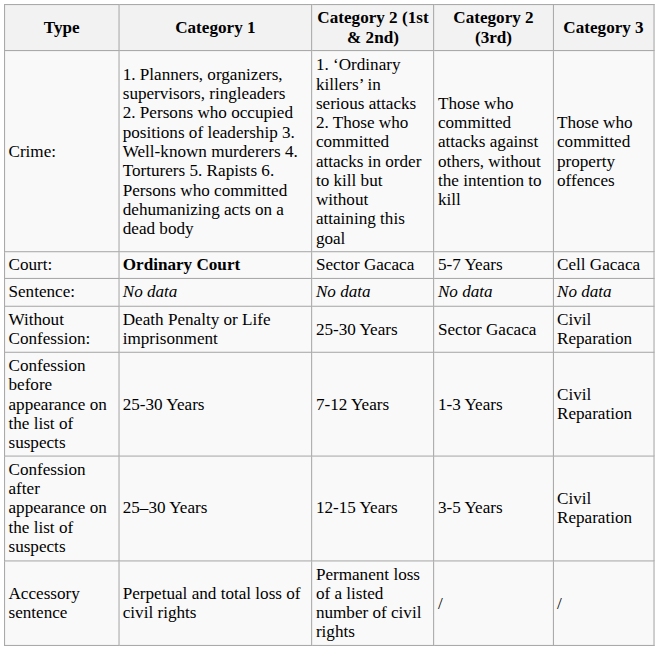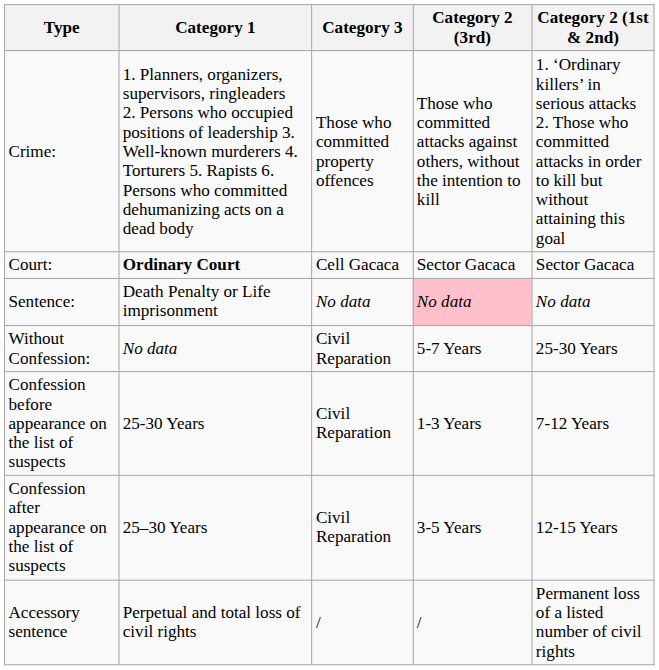 <table class="wikitable">
 <tr>
 <th>Type</th>
 <th>Category 1</th>
+<th>Category 3</th>
+<th>Category 2 (3rd)</th>
 <th>Category 2 (1st & 2nd)</th>
-<th>Category 2 (3rd)</th>
-<th>Category 3</th>
 </tr>
 <tr>
 <td>Crime:</td>
 <td>1. Planners, organizers, supervisors, ringleaders<br>2. Persons who occupied positions of leadership 3. Well-known murderers 4. Torturers 5. Rapists 6. Persons who committed dehumanizing acts on a dead body</td>
+<td>Those who committed property offences</td>
+<td>Those who committed attacks against others, without the intention to kill</td>
 <td>1. ‘Ordinary killers’ in serious attacks<br>2. Those who committed attacks in order to kill but without attaining this goal</td>
-<td>Those who committed attacks against others, without the intention to kill</td>
-<td>Those who committed property offences</td>
 </tr>
 <tr>
 <td>Court:</td>
 <td><strong>Ordinary Court</strong></td>
+<td>Cell Gacaca</td>
 <td>Sector Gacaca</td>
-<td>5-7 Years</td>
-<td>Cell Gacaca</td>
+<td>Sector Gacaca</td>
 </tr>
 <tr>
 <td>Sentence:</td>
+<td>Death Penalty or Life imprisonment</td>
 <td><em>No data</em> </td>
-<td><em>No data</em> </td>
-<td><em>No data</em> </td>
+<td style="background: pink;"><em>No data</em> </td>
 <td><em>No data</em> </td>
 </tr>
 <tr>
 <td>Without Confession:</td>
-<td>Death Penalty or Life imprisonment</td>
+<td><em>No data</em> </td>
+<td>Civil Reparation</td>
+<td>5-7 Years</td>
 <td>25-30 Years</td>
-<td>Sector Gacaca</td>
-<td>Civil Reparation</td>
 </tr>
 <tr>
 <td>Confession before appearance on the list of suspects</td>
 <td>25-30 Years</td>
+<td>Civil Reparation</td>
+<td>1-3 Years</td>
 <td>7-12 Years</td>
-<td>1-3 Years</td>
-<td>Civil Reparation</td>
 </tr>
 <tr>
 <td>Confession after appearance on the list of suspects</td>
 <td>25–30 Years</td>
+<td>Civil Reparation</td>
+<td>3-5 Years</td>
 <td>12-15 Years</td>
-<td>3-5 Years</td>
-<td>Civil Reparation</td>
 </tr>
 <tr>
 <td>Accessory sentence</td>
 <td>Perpetual and total loss of civil rights</td>
-<td>Permanent loss of a listed number of civil rights</td>
 <td>/</td>
 <td>/</td>
+<td>Permanent loss of a listed number of civil rights</td>
 </tr>
 </table>
